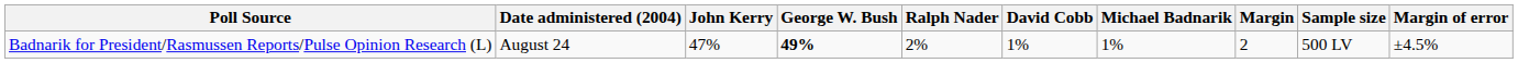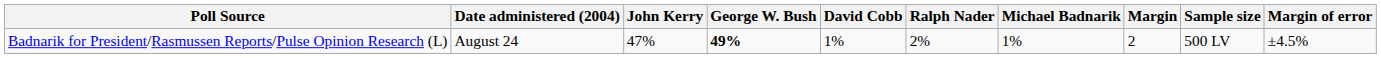 <table class="wikitable">
 <tr>
 <th>Poll Source</th>
 <th>Date administered (2004)</th>
 <th>John Kerry</th>
 <th>George W. Bush</th>
+<th>David Cobb</th>
 <th>Ralph Nader</th>
-<th>David Cobb</th>
 <th>Michael Badnarik</th>
 <th>Margin</th>
 <th>Sample size</th>
 <th>Margin of error</th>
 </tr>
 <tr>
 <td><a href='#'>Badnarik for President</a>/<a href='#'>Rasmussen Reports</a>/<a href='#'>Pulse Opinion Research</a> (L)</td>
 <td>August 24</td>
 <td>47%</td>
 <td><strong>49%</strong></td>
+<td>1%</td>
 <td>2%</td>
-<td>1%</td>
 <td>1%</td>
 <td>2</td>
 <td>500 LV</td>
 <td>±4.5%</td>
 </tr>
 </table>
